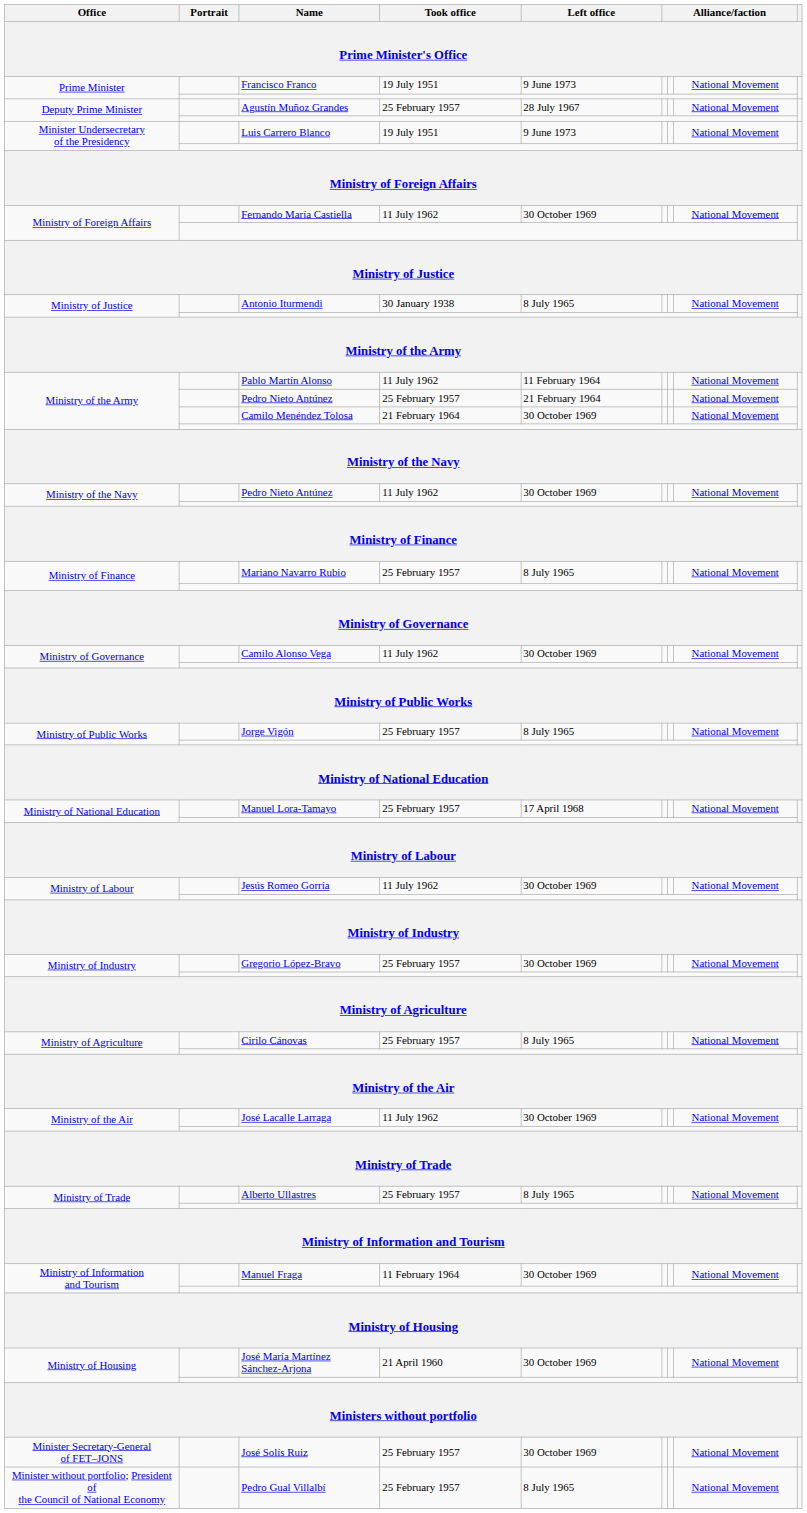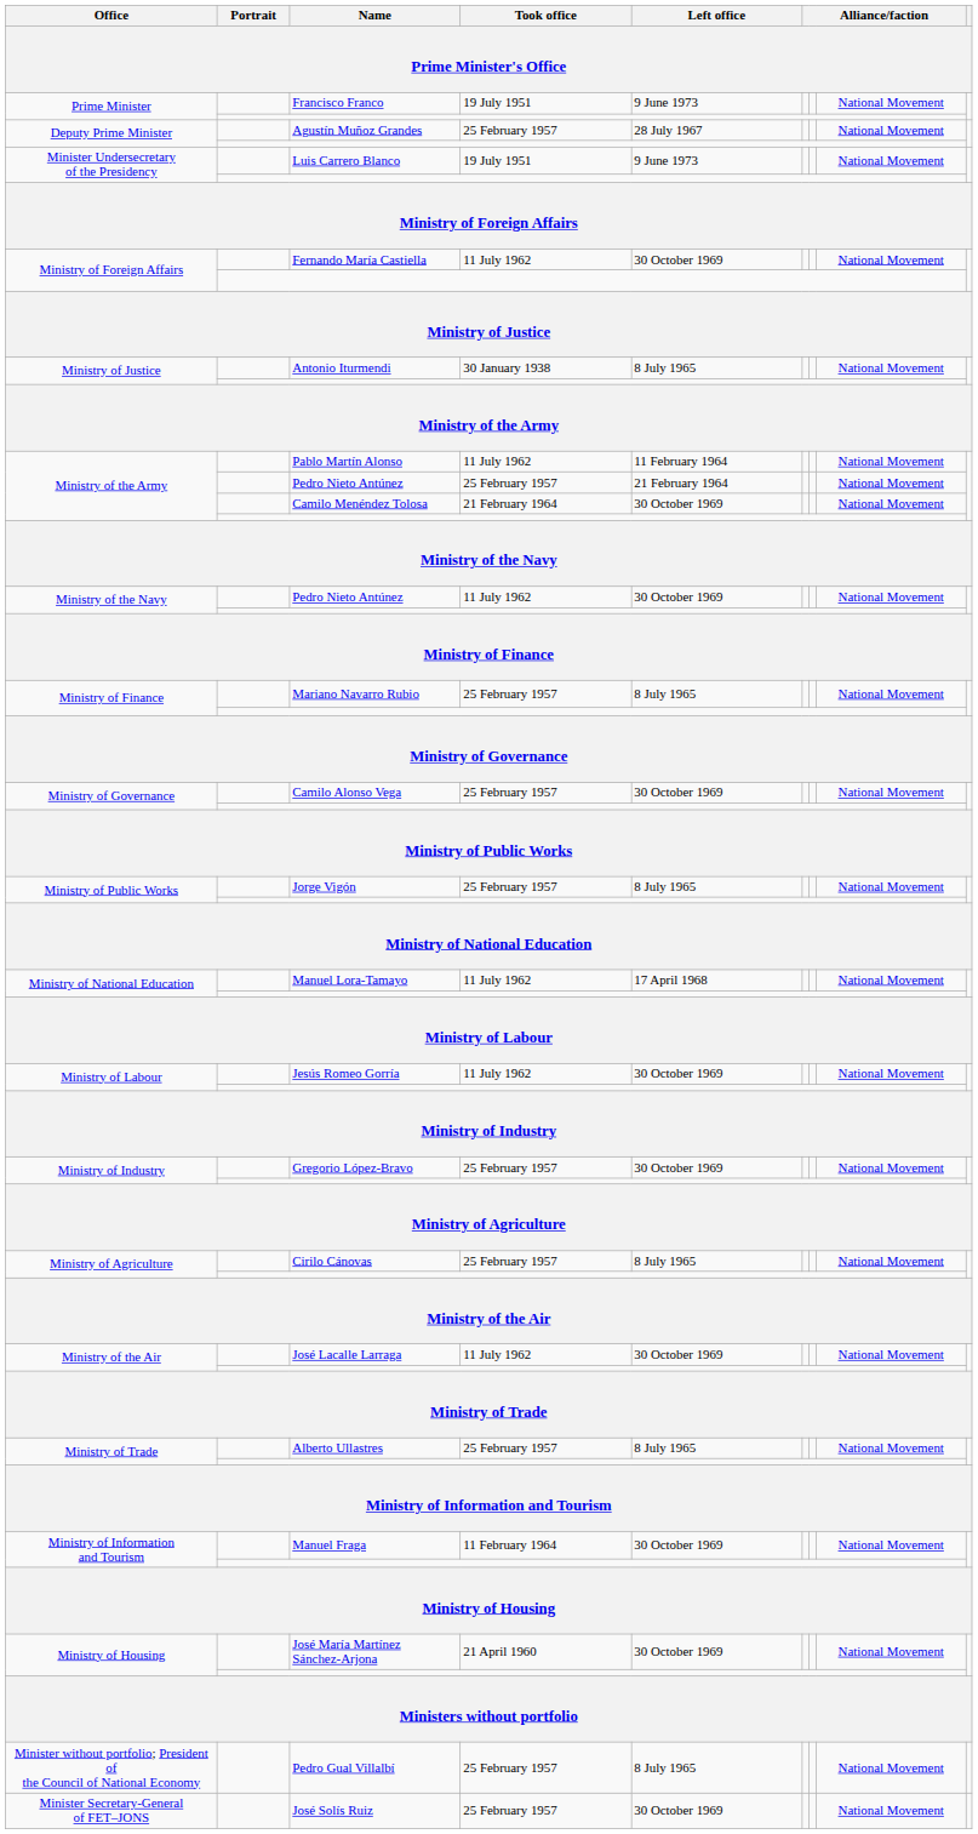 <table class="wikitable" style="line-height:18px;">
 <tr>
 <th scope="col">Office<br></th>
 <th scope="col">Portrait</th>
 <th scope="col">Name</th>
 <th scope="col">Took office</th>
 <th scope="col">Left office</th>
 <th colspan="3" scope="col">Alliance/faction</th>
 <th></th>
 </tr>
 <tr>
 <th colspan="9"><br><h3><a href='#'>Prime Minister's Office</a></h3></th>
 </tr>
 <tr>
 <td align="center" rowspan="2" width="250"><a href='#'>Prime Minister</a><br></td>
 <td width="80"></td>
 <td width="200"><a href='#'>Francisco Franco</a></td>
 <td>19 July 1951</td>
 <td width="200">9 June 1973</td>
 <td width="1" style="background-color:"></td>
 <td width="1" style="background-color:"></td>
 <td width="175" align="center"><a href='#'>National Movement</a><br></td>
 <td align="center" rowspan="2"></td>
 </tr>
 <tr>
 <td colspan="7"></td>
 </tr>
 <tr>
 <td align="center" rowspan="2"><a href='#'>Deputy Prime Minister</a><br></td>
 <td></td>
 <td><a href='#'>Agustín Muñoz Grandes</a></td>
 <td>25 February 1957</td>
 <td>28 July 1967</td>
 <td style="background-color:"></td>
 <td style="background-color:"></td>
 <td align="center"><a href='#'>National Movement</a><br></td>
 <td align="center" rowspan="2"></td>
 </tr>
 <tr>
 <td colspan="7"></td>
 </tr>
 <tr>
 <td align="center" rowspan="2"><a href='#'>Minister Undersecretary<br>of the Presidency</a><br></td>
 <td></td>
 <td><a href='#'>Luis Carrero Blanco</a></td>
 <td>19 July 1951</td>
 <td>9 June 1973</td>
 <td style="background-color:"></td>
 <td style="background-color:"></td>
 <td align="center"><a href='#'>National Movement</a><br></td>
 <td align="center" rowspan="2"></td>
 </tr>
 <tr>
 <td colspan="7"></td>
 </tr>
 <tr>
 <th colspan="9"><br><h3><a href='#'>Ministry of Foreign Affairs</a></h3></th>
 </tr>
 <tr>
 <td align="center" rowspan="2"><a href='#'>Ministry of Foreign Affairs</a><br></td>
 <td></td>
 <td><a href='#'>Fernando María Castiella</a></td>
 <td>11 July 1962</td>
 <td>30 October 1969</td>
 <td style="background-color:"></td>
 <td style="background-color:"></td>
 <td align="center"><a href='#'>National Movement</a><br></td>
 <td align="center" rowspan="2"></td>
 </tr>
 <tr>
 <td colspan="7"><br> </td>
 </tr>
 <tr>
 <th colspan="9"><br><h3><a href='#'>Ministry of Justice</a></h3></th>
 </tr>
 <tr>
 <td align="center" rowspan="2"><a href='#'>Ministry of Justice</a><br></td>
 <td></td>
 <td><a href='#'>Antonio Iturmendi</a></td>
 <td width="200">30 January 1938</td>
 <td>8 July 1965</td>
 <td style="background-color:"></td>
 <td style="background-color:"></td>
 <td align="center"><a href='#'>National Movement</a><br></td>
 <td align="center" rowspan="2"></td>
 </tr>
 <tr>
 <td colspan="7"></td>
 </tr>
 <tr>
 <th colspan="9"><br><h3><a href='#'>Ministry of the Army</a></h3></th>
 </tr>
 <tr>
 <td align="center" rowspan="4"><a href='#'>Ministry of the Army</a><br></td>
 <td></td>
 <td><a href='#'>Pablo Martín Alonso</a></td>
 <td>11 July 1962</td>
 <td>11 February 1964<br></td>
 <td style="background-color:"></td>
 <td style="background-color:"></td>
 <td align="center"><a href='#'>National Movement</a><br></td>
 <td align="center" rowspan="4"></td>
 </tr>
 <tr>
 <td></td>
 <td><a href='#'>Pedro Nieto Antúnez</a><br></td>
 <td>25 February 1957</td>
 <td>21 February 1964</td>
 <td style="background-color:"></td>
 <td style="background-color:"></td>
 <td align="center"><a href='#'>National Movement</a><br></td>
 </tr>
 <tr>
 <td></td>
 <td><a href='#'>Camilo Menéndez Tolosa</a></td>
 <td>21 February 1964</td>
 <td>30 October 1969</td>
 <td style="background-color:"></td>
 <td style="background-color:"></td>
 <td align="center"><a href='#'>National Movement</a><br></td>
 </tr>
 <tr>
 <td colspan="7"></td>
 </tr>
 <tr>
 <th colspan="9"><br><h3><a href='#'>Ministry of the Navy</a></h3></th>
 </tr>
 <tr>
 <td align="center" rowspan="2"><a href='#'>Ministry of the Navy</a><br></td>
 <td></td>
 <td><a href='#'>Pedro Nieto Antúnez</a></td>
 <td>11 July 1962</td>
 <td>30 October 1969</td>
 <td style="background-color:"></td>
 <td style="background-color:"></td>
 <td align="center"><a href='#'>National Movement</a><br></td>
 <td align="center" rowspan="2"></td>
 </tr>
 <tr>
 <td colspan="7"></td>
 </tr>
 <tr>
 <th colspan="9"><br><h3><a href='#'>Ministry of Finance</a></h3></th>
 </tr>
 <tr>
 <td align="center" rowspan="2"><a href='#'>Ministry of Finance</a><br></td>
 <td></td>
 <td><a href='#'>Mariano Navarro Rubio</a></td>
 <td>25 February 1957</td>
 <td>8 July 1965</td>
 <td style="background-color:"></td>
 <td style="background-color:"></td>
 <td align="center"><a href='#'>National Movement</a><br></td>
 <td align="center" rowspan="2"><br><br></td>
 </tr>
 <tr>
 <td colspan="7"></td>
 </tr>
 <tr>
 <th colspan="9"><br><h3><a href='#'>Ministry of Governance</a></h3></th>
 </tr>
 <tr>
 <td align="center" rowspan="2"><a href='#'>Ministry of Governance</a><br></td>
 <td></td>
 <td><a href='#'>Camilo Alonso Vega</a></td>
-<td>11 July 1962</td>
+<td>25 February 1957</td>
 <td>30 October 1969</td>
 <td style="background-color:"></td>
 <td style="background-color:"></td>
 <td align="center"><a href='#'>National Movement</a><br></td>
 <td align="center" rowspan="2"></td>
 </tr>
 <tr>
 <td colspan="7"></td>
 </tr>
 <tr>
 <th colspan="9"><br><h3><a href='#'>Ministry of Public Works</a></h3></th>
 </tr>
 <tr>
 <td align="center" rowspan="2"><a href='#'>Ministry of Public Works</a><br></td>
 <td></td>
 <td><a href='#'>Jorge Vigón</a></td>
 <td>25 February 1957</td>
 <td>8 July 1965</td>
 <td style="background-color:"></td>
 <td style="background-color:"></td>
 <td align="center"><a href='#'>National Movement</a><br></td>
 <td align="center" rowspan="2"></td>
 </tr>
 <tr>
 <td colspan="7"></td>
 </tr>
 <tr>
 <th colspan="9"><br><h3><a href='#'>Ministry of National Education</a></h3></th>
 </tr>
 <tr>
 <td align="center" rowspan="2"><a href='#'>Ministry of National Education</a><br></td>
 <td></td>
 <td><a href='#'>Manuel Lora-Tamayo</a></td>
-<td>25 February 1957</td>
+<td>11 July 1962</td>
 <td>17 April 1968</td>
 <td style="background-color:"></td>
 <td style="background-color:"></td>
 <td align="center"><a href='#'>National Movement</a><br></td>
 <td align="center" rowspan="2"></td>
 </tr>
 <tr>
 <td colspan="7"></td>
 </tr>
 <tr>
 <th colspan="9"><br><h3><a href='#'>Ministry of Labour</a></h3></th>
 </tr>
 <tr>
 <td align="center" rowspan="2"><a href='#'>Ministry of Labour</a><br></td>
 <td></td>
 <td><a href='#'>Jesús Romeo Gorría</a></td>
 <td>11 July 1962</td>
 <td>30 October 1969</td>
 <td style="background-color:"></td>
 <td style="background-color:"></td>
 <td align="center"><a href='#'>National Movement</a><br></td>
 <td align="center" rowspan="2"></td>
 </tr>
 <tr>
 <td colspan="7"></td>
 </tr>
 <tr>
 <th colspan="9"><br><h3><a href='#'>Ministry of Industry</a></h3></th>
 </tr>
 <tr>
 <td align="center" rowspan="2"><a href='#'>Ministry of Industry</a><br></td>
 <td></td>
 <td><a href='#'>Gregorio López-Bravo</a></td>
 <td>25 February 1957</td>
 <td>30 October 1969</td>
 <td style="background-color:"></td>
 <td style="background-color:"></td>
 <td align="center"><a href='#'>National Movement</a><br></td>
 <td align="center" rowspan="2"></td>
 </tr>
 <tr>
 <td colspan="7"></td>
 </tr>
 <tr>
 <th colspan="9"><br><h3><a href='#'>Ministry of Agriculture</a></h3></th>
 </tr>
 <tr>
 <td align="center" rowspan="2"><a href='#'>Ministry of Agriculture</a><br></td>
 <td></td>
 <td><a href='#'>Cirilo Cánovas</a></td>
 <td>25 February 1957</td>
 <td>8 July 1965</td>
 <td style="background-color:"></td>
 <td style="background-color:"></td>
 <td align="center"><a href='#'>National Movement</a><br></td>
 <td align="center" rowspan="2"></td>
 </tr>
 <tr>
 <td colspan="7"></td>
 </tr>
 <tr>
 <th colspan="9"><br><h3><a href='#'>Ministry of the Air</a></h3></th>
 </tr>
 <tr>
 <td align="center" rowspan="2"><a href='#'>Ministry of the Air</a><br></td>
 <td></td>
 <td><a href='#'>José Lacalle Larraga</a></td>
 <td>11 July 1962</td>
 <td>30 October 1969</td>
 <td style="background-color:"></td>
 <td style="background-color:"></td>
 <td align="center"><a href='#'>National Movement</a><br></td>
 <td align="center" rowspan="2"></td>
 </tr>
 <tr>
 <td colspan="7"></td>
 </tr>
 <tr>
 <th colspan="9"><br><h3><a href='#'>Ministry of Trade</a></h3></th>
 </tr>
 <tr>
 <td align="center" rowspan="2"><a href='#'>Ministry of Trade</a><br></td>
 <td></td>
 <td><a href='#'>Alberto Ullastres</a></td>
 <td>25 February 1957</td>
 <td>8 July 1965</td>
 <td style="background-color:"></td>
 <td style="background-color:"></td>
 <td align="center"><a href='#'>National Movement</a><br></td>
 <td align="center" rowspan="2"></td>
 </tr>
 <tr>
 <td colspan="7"></td>
 </tr>
 <tr>
 <th colspan="9"><br><h3><a href='#'>Ministry of Information and Tourism</a></h3></th>
 </tr>
 <tr>
 <td align="center" rowspan="2"><a href='#'>Ministry of Information<br>and Tourism</a><br></td>
 <td></td>
 <td><a href='#'>Manuel Fraga</a></td>
 <td>11 February 1964</td>
 <td>30 October 1969</td>
 <td style="background-color:"></td>
 <td style="background-color:"></td>
 <td align="center"><a href='#'>National Movement</a><br></td>
 <td align="center" rowspan="2"></td>
 </tr>
 <tr>
 <td colspan="7"></td>
 </tr>
 <tr>
 <th colspan="9"><br><h3><a href='#'>Ministry of Housing</a></h3></th>
 </tr>
 <tr>
 <td align="center" rowspan="2"><a href='#'>Ministry of Housing</a><br></td>
 <td></td>
 <td><a href='#'>José María Martínez<br>Sánchez-Arjona</a></td>
 <td>21 April 1960</td>
 <td>30 October 1969</td>
 <td style="background-color:"></td>
 <td style="background-color:"></td>
 <td align="center"><a href='#'>National Movement</a><br></td>
 <td align="center" rowspan="2"></td>
 </tr>
 <tr>
 <td colspan="7"></td>
 </tr>
 <tr>
 <th colspan="9"><br><h3><a href='#'>Ministers without portfolio</a></h3></th>
 </tr>
 <tr>
+<td align="center"><a href='#'>Minister without portfolio</a>; <a href='#'>President of<br>the Council of National Economy</a><br></td>
+<td></td>
+<td><a href='#'>Pedro Gual Villalbí</a></td>
+<td>25 February 1957</td>
+<td>8 July 1965</td>
+<td style="background-color:"></td>
+<td style="background-color:"></td>
+<td align="center"><a href='#'>National Movement</a><br></td>
+<td align="center"></td>
+</tr>
+<tr>
 <td align="center"><a href='#'>Minister Secretary-General<br>of FET–JONS</a><br></td>
 <td></td>
 <td><a href='#'>José Solís Ruiz</a></td>
 <td>25 February 1957</td>
 <td>30 October 1969</td>
 <td style="background-color:"></td>
 <td style="background-color:"></td>
 <td align="center"><a href='#'>National Movement</a><br></td>
 <td align="center"></td>
 </tr>
-<tr>
-<td align="center"><a href='#'>Minister without portfolio</a>; <a href='#'>President of<br>the Council of National Economy</a><br></td>
-<td></td>
-<td><a href='#'>Pedro Gual Villalbí</a></td>
-<td>25 February 1957</td>
-<td>8 July 1965</td>
-<td style="background-color:"></td>
-<td style="background-color:"></td>
-<td align="center"><a href='#'>National Movement</a><br></td>
-<td align="center"></td>
-</tr>
 </table>
